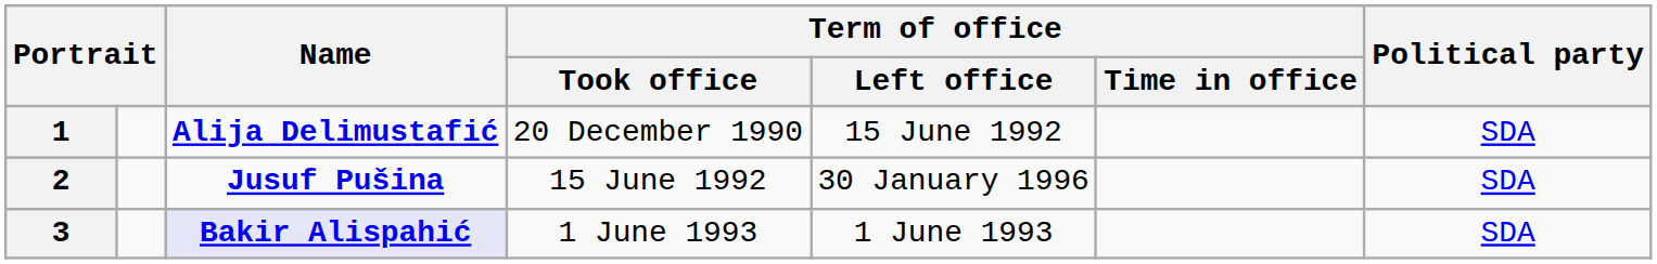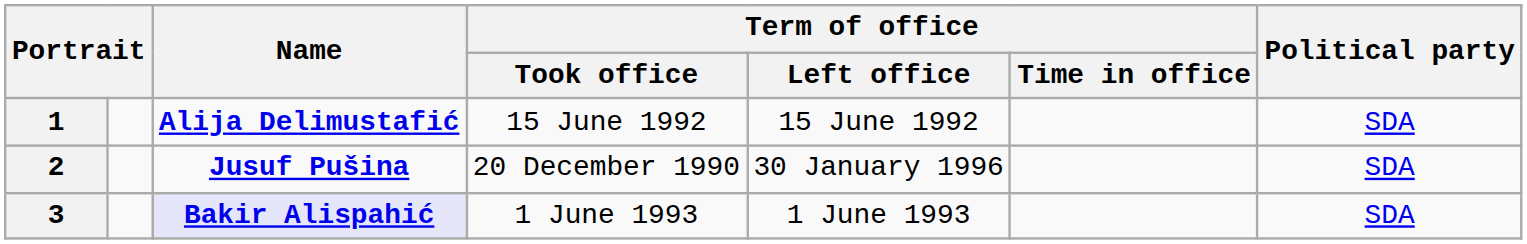 <table class="wikitable sortable" style="text-align: center;font-size:90%; border:1px #AAAAFF solid">
 <tr>
 <th rowspan=2 colspan=2>Portrait</th>
 <th rowspan=2>Name<br></th>
 <th colspan=3>Term of office</th>
 <th rowspan=2>Political party</th>
 </tr>
 <tr>
 <th>Took office</th>
 <th>Left office</th>
 <th>Time in office</th>
 </tr>
 <tr>
 <th style="background:">1</th>
 <td></td>
 <td><strong><a href='#'>Alija Delimustafić</a></strong><br></td>
-<td>20 December 1990</td>
+<td>15 June 1992</td>
 <td>15 June 1992</td>
 <td></td>
 <td><a href='#'>SDA</a></td>
 </tr>
 <tr>
 <th style="background:">2</th>
 <td></td>
 <td><strong><a href='#'>Jusuf Pušina</a></strong><br></td>
-<td>15 June 1992</td>
+<td>20 December 1990</td>
 <td>30 January 1996</td>
 <td></td>
 <td><a href='#'>SDA</a></td>
 </tr>
 <tr>
 <th style="background:">3</th>
 <td></td>
 <td style="background: lavender;"><strong><a href='#'>Bakir Alispahić</a></strong><br></td>
 <td>1 June 1993</td>
 <td>1 June 1993</td>
 <td></td>
 <td><a href='#'>SDA</a></td>
 </tr>
 </table>
